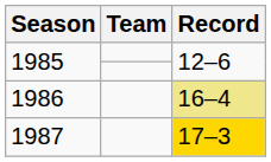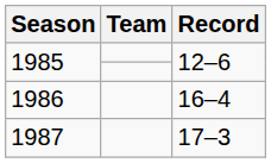 <table class="wikitable">
 <tr>
 <th>Season</th>
 <th>Team</th>
 <th>Record</th>
 </tr>
 <tr>
 <td rowspan="2">1985</td>
 <td></td>
 <td rowspan="2">12–6</td>
 </tr>
 <tr>
 <td></td>
 </tr>
 <tr>
 <td>1986</td>
 <td></td>
-<td style="background: khaki;">16–4</td>
+<td>16–4</td>
 </tr>
 <tr>
 <td>1987</td>
 <td></td>
-<td style="background: gold;">17–3</td>
+<td>17–3</td>
 </tr>
 </table>
